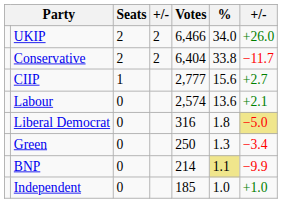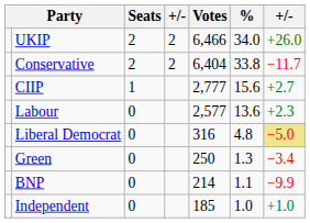 <table class="wikitable">
 <tr>
 <th colspan="2">Party</th>
 <th>Seats</th>
 <th>+/-</th>
 <th>Votes</th>
 <th>%</th>
 <th>+/-</th>
 </tr>
 <tr>
 <td style="background-color: "></td>
 <td><a href='#'>UKIP</a></td>
 <td>2</td>
 <td> 2</td>
 <td>6,466</td>
 <td>34.0</td>
 <td style="color:green">+26.0</td>
 </tr>
 <tr>
 <td style="background-color: "></td>
 <td><a href='#'>Conservative</a></td>
 <td>2</td>
 <td> 2</td>
 <td>6,404</td>
 <td>33.8</td>
 <td style="color:red">−11.7</td>
 </tr>
 <tr>
 <td style="background-color: "></td>
 <td><a href='#'>CIIP</a></td>
 <td>1</td>
 <td></td>
 <td>2,777</td>
 <td>15.6</td>
 <td style="color:green">+2.7</td>
 </tr>
 <tr>
 <td style="background-color: "></td>
 <td><a href='#'>Labour</a></td>
 <td>0</td>
 <td></td>
-<td>2,574</td>
+<td>2,577</td>
 <td>13.6</td>
-<td style="color:green">+2.1</td>
+<td style="color:green">+2.3</td>
 </tr>
 <tr>
 <td style="background-color: "></td>
 <td><a href='#'>Liberal Democrat</a></td>
 <td>0</td>
 <td></td>
 <td>316</td>
-<td>1.8</td>
+<td>4.8</td>
 <td style="background: khaki; color:red">−5.0</td>
 </tr>
 <tr>
 <td style="background-color: "></td>
 <td><a href='#'>Green</a></td>
 <td>0</td>
 <td></td>
 <td>250</td>
 <td>1.3</td>
 <td style="color:red">−3.4</td>
 </tr>
 <tr>
 <td style="background-color: "></td>
 <td><a href='#'>BNP</a></td>
 <td>0</td>
 <td></td>
 <td>214</td>
-<td style="background: khaki;">1.1</td>
+<td>1.1</td>
 <td style="color:red">−9.9</td>
 </tr>
 <tr>
 <td style="background-color: "></td>
 <td><a href='#'>Independent</a></td>
 <td>0</td>
 <td></td>
 <td>185</td>
 <td>1.0</td>
 <td style="color:green">+1.0</td>
 </tr>
 </table>
